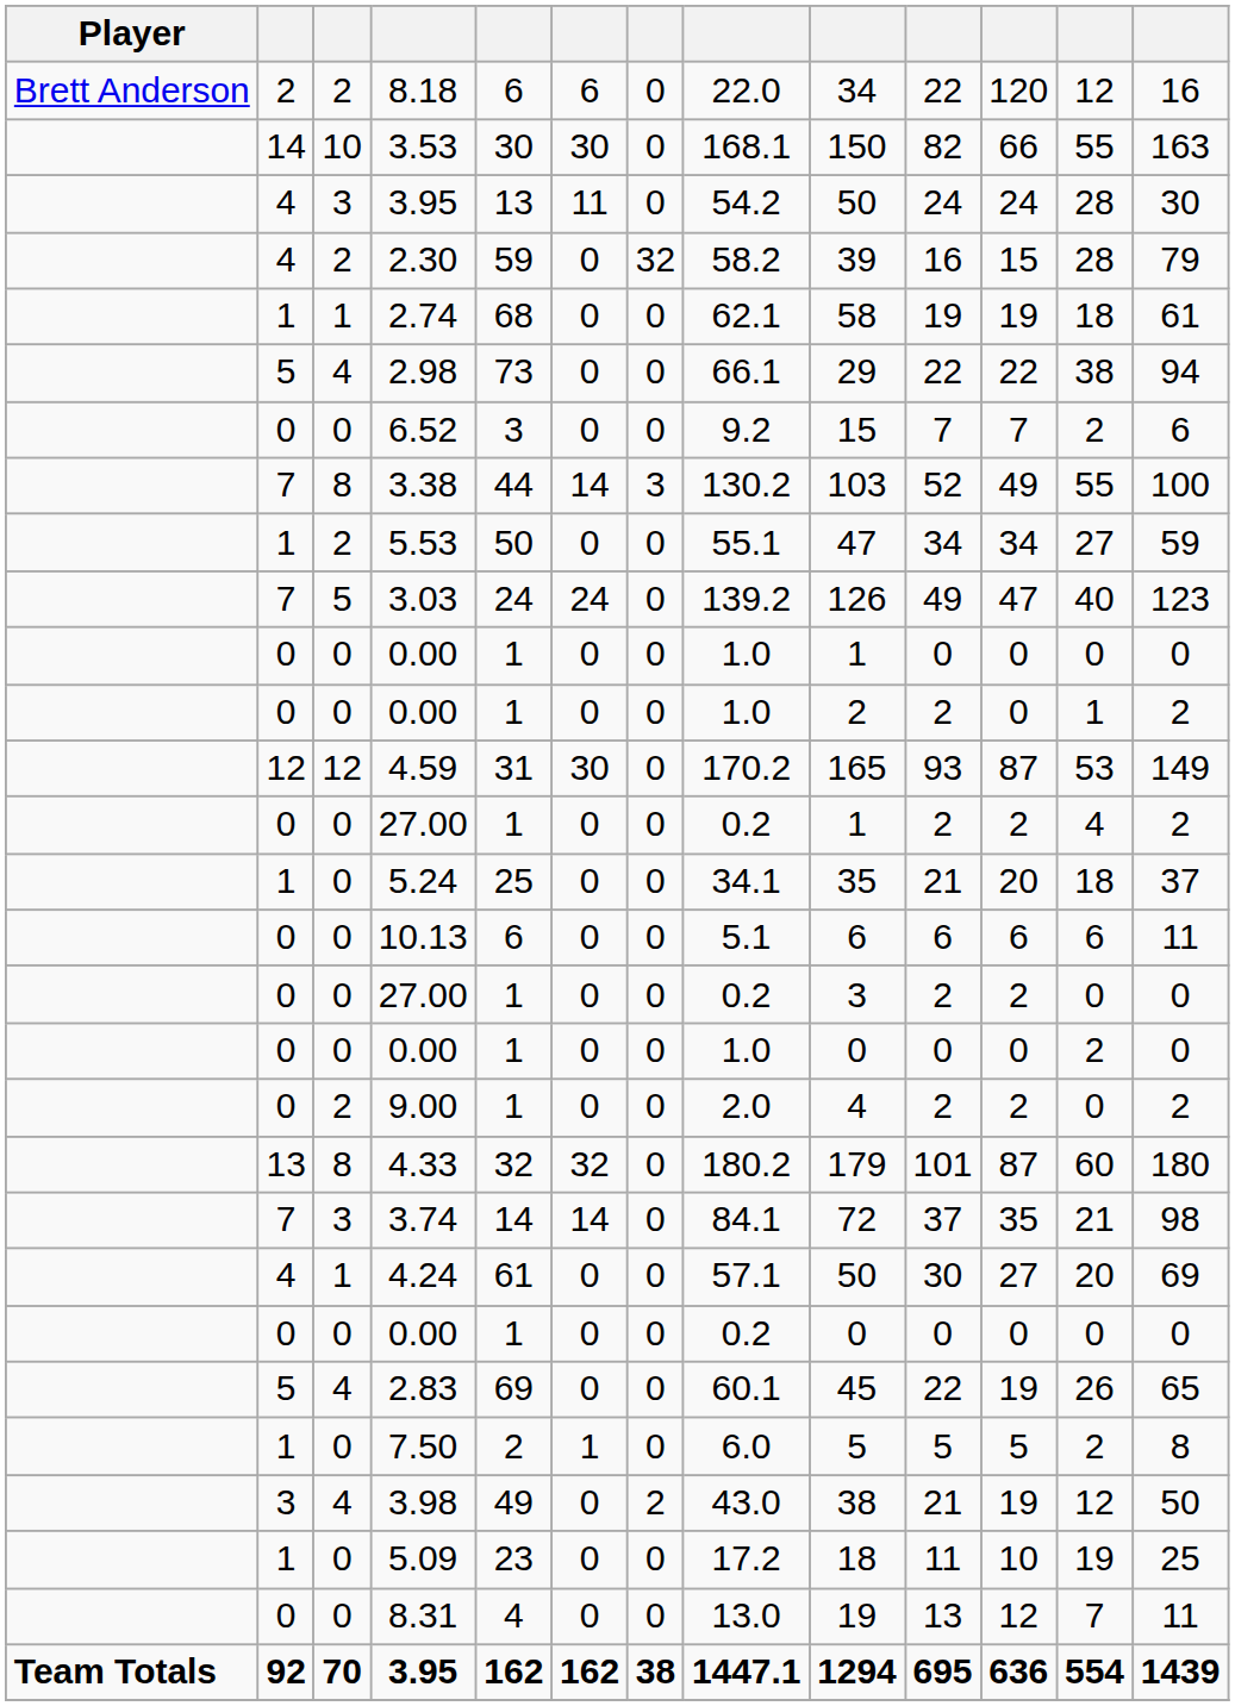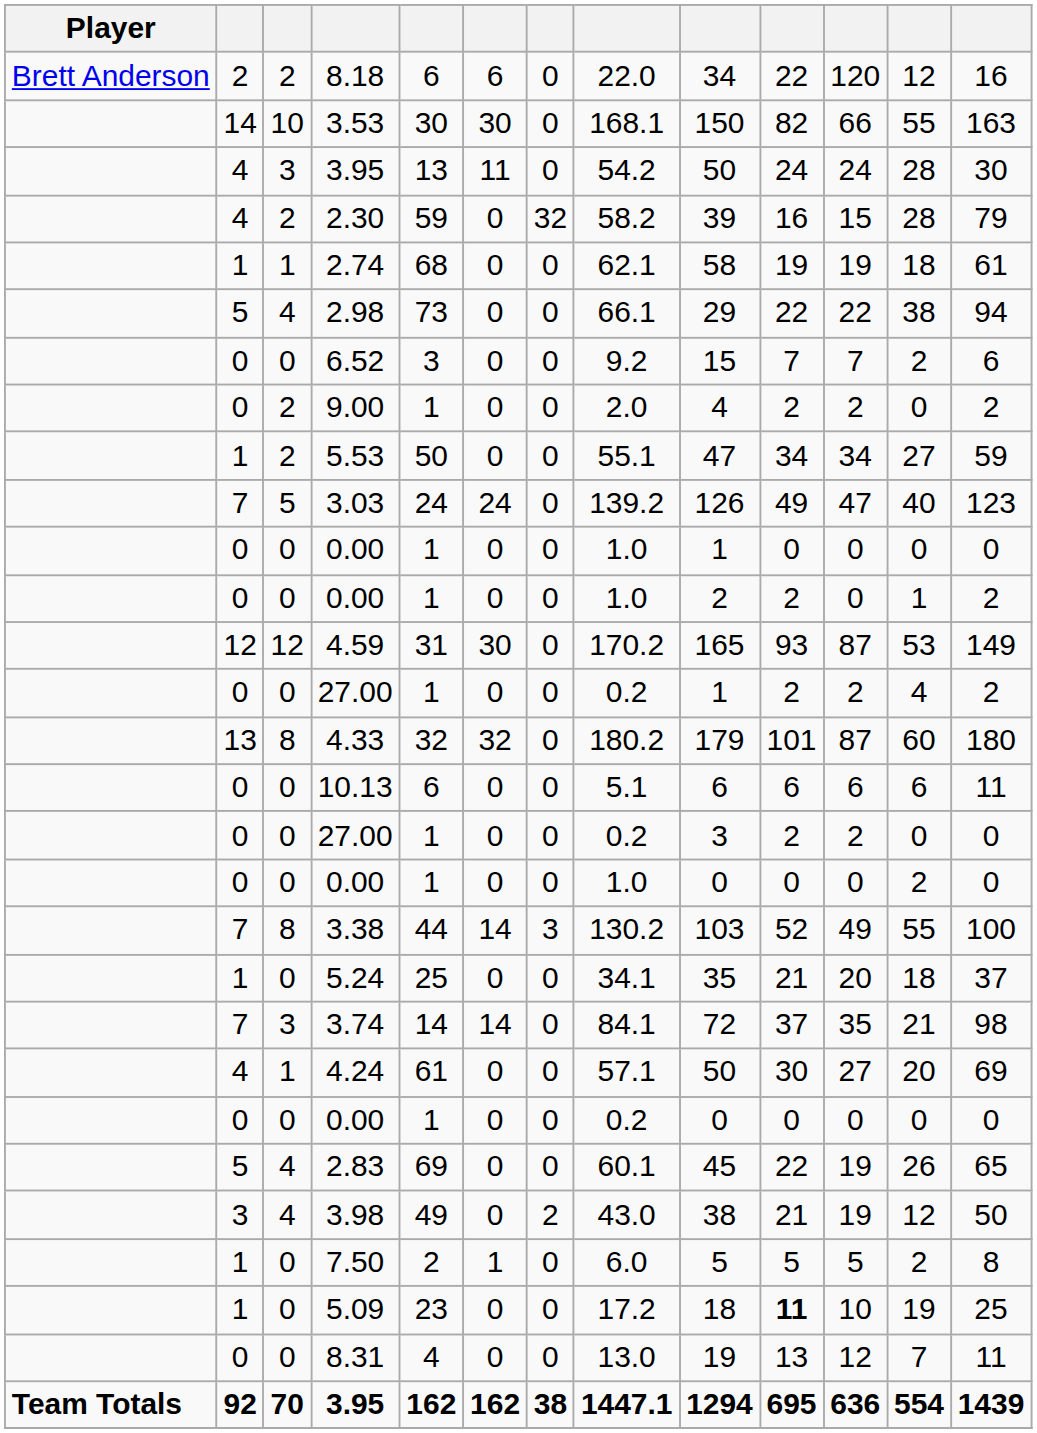 <table class="wikitable sortable" style="text-align:center;">
 <tr>
 <th>Player</th>
 <th></th>
 <th></th>
 <th></th>
 <th></th>
 <th></th>
 <th></th>
 <th></th>
 <th></th>
 <th></th>
 <th></th>
 <th></th>
 <th></th>
 </tr>
 <tr>
 <td align=left><a href='#'>Brett Anderson</a></td>
 <td>2</td>
 <td>2</td>
 <td>8.18</td>
 <td>6</td>
 <td>6</td>
 <td>0</td>
 <td>22.0</td>
 <td>34</td>
 <td>22</td>
 <td>120</td>
 <td>12</td>
 <td>16</td>
 </tr>
 <tr>
 <td align=left></td>
 <td>14</td>
 <td>10</td>
 <td>3.53</td>
 <td>30</td>
 <td>30</td>
 <td>0</td>
 <td>168.1</td>
 <td>150</td>
 <td>82</td>
 <td>66</td>
 <td>55</td>
 <td>163</td>
 </tr>
 <tr>
 <td align=left></td>
 <td>4</td>
 <td>3</td>
 <td>3.95</td>
 <td>13</td>
 <td>11</td>
 <td>0</td>
 <td>54.2</td>
 <td>50</td>
 <td>24</td>
 <td>24</td>
 <td>28</td>
 <td>30</td>
 </tr>
 <tr>
 <td align=left></td>
 <td>4</td>
 <td>2</td>
 <td>2.30</td>
 <td>59</td>
 <td>0</td>
 <td>32</td>
 <td>58.2</td>
 <td>39</td>
 <td>16</td>
 <td>15</td>
 <td>28</td>
 <td>79</td>
 </tr>
 <tr>
 <td align=left></td>
 <td>1</td>
 <td>1</td>
 <td>2.74</td>
 <td>68</td>
 <td>0</td>
 <td>0</td>
 <td>62.1</td>
 <td>58</td>
 <td>19</td>
 <td>19</td>
 <td>18</td>
 <td>61</td>
 </tr>
 <tr>
 <td align=left></td>
 <td>5</td>
 <td>4</td>
 <td>2.98</td>
 <td>73</td>
 <td>0</td>
 <td>0</td>
 <td>66.1</td>
 <td>29</td>
 <td>22</td>
 <td>22</td>
 <td>38</td>
 <td>94</td>
 </tr>
 <tr>
 <td align=left></td>
 <td>0</td>
 <td>0</td>
 <td>6.52</td>
 <td>3</td>
 <td>0</td>
 <td>0</td>
 <td>9.2</td>
 <td>15</td>
 <td>7</td>
 <td>7</td>
 <td>2</td>
 <td>6</td>
 </tr>
 <tr>
 <td align=left></td>
-<td>7</td>
-<td>8</td>
-<td>3.38</td>
-<td>44</td>
-<td>14</td>
-<td>3</td>
-<td>130.2</td>
-<td>103</td>
-<td>52</td>
-<td>49</td>
-<td>55</td>
-<td>100</td>
+<td>0</td>
+<td>2</td>
+<td>9.00</td>
+<td>1</td>
+<td>0</td>
+<td>0</td>
+<td>2.0</td>
+<td>4</td>
+<td>2</td>
+<td>2</td>
+<td>0</td>
+<td>2</td>
 </tr>
 <tr>
 <td align=left></td>
 <td>1</td>
 <td>2</td>
 <td>5.53</td>
 <td>50</td>
 <td>0</td>
 <td>0</td>
 <td>55.1</td>
 <td>47</td>
 <td>34</td>
 <td>34</td>
 <td>27</td>
 <td>59</td>
 </tr>
 <tr>
 <td align=left></td>
 <td>7</td>
 <td>5</td>
 <td>3.03</td>
 <td>24</td>
 <td>24</td>
 <td>0</td>
 <td>139.2</td>
 <td>126</td>
 <td>49</td>
 <td>47</td>
 <td>40</td>
 <td>123</td>
 </tr>
 <tr>
 <td align=left></td>
 <td>0</td>
 <td>0</td>
 <td>0.00</td>
 <td>1</td>
 <td>0</td>
 <td>0</td>
 <td>1.0</td>
 <td>1</td>
 <td>0</td>
 <td>0</td>
 <td>0</td>
 <td>0</td>
 </tr>
 <tr>
 <td align=left></td>
 <td>0</td>
 <td>0</td>
 <td>0.00</td>
 <td>1</td>
 <td>0</td>
 <td>0</td>
 <td>1.0</td>
 <td>2</td>
 <td>2</td>
 <td>0</td>
 <td>1</td>
 <td>2</td>
 </tr>
 <tr>
 <td align=left></td>
 <td>12</td>
 <td>12</td>
 <td>4.59</td>
 <td>31</td>
 <td>30</td>
 <td>0</td>
 <td>170.2</td>
 <td>165</td>
 <td>93</td>
 <td>87</td>
 <td>53</td>
 <td>149</td>
 </tr>
 <tr>
 <td align=left></td>
 <td>0</td>
 <td>0</td>
 <td>27.00</td>
 <td>1</td>
 <td>0</td>
 <td>0</td>
 <td>0.2</td>
 <td>1</td>
 <td>2</td>
 <td>2</td>
 <td>4</td>
 <td>2</td>
 </tr>
 <tr>
 <td align=left></td>
-<td>1</td>
+<td>13</td>
+<td>8</td>
+<td>4.33</td>
+<td>32</td>
+<td>32</td>
 <td>0</td>
-<td>5.24</td>
-<td>25</td>
-<td>0</td>
-<td>0</td>
-<td>34.1</td>
-<td>35</td>
-<td>21</td>
-<td>20</td>
-<td>18</td>
-<td>37</td>
+<td>180.2</td>
+<td>179</td>
+<td>101</td>
+<td>87</td>
+<td>60</td>
+<td>180</td>
 </tr>
 <tr>
 <td align=left></td>
 <td>0</td>
 <td>0</td>
 <td>10.13</td>
 <td>6</td>
 <td>0</td>
 <td>0</td>
 <td>5.1</td>
 <td>6</td>
 <td>6</td>
 <td>6</td>
 <td>6</td>
 <td>11</td>
 </tr>
 <tr>
 <td align=left></td>
 <td>0</td>
 <td>0</td>
 <td>27.00</td>
 <td>1</td>
 <td>0</td>
 <td>0</td>
 <td>0.2</td>
 <td>3</td>
 <td>2</td>
 <td>2</td>
 <td>0</td>
 <td>0</td>
 </tr>
 <tr>
 <td align=left></td>
 <td>0</td>
 <td>0</td>
 <td>0.00</td>
 <td>1</td>
 <td>0</td>
 <td>0</td>
 <td>1.0</td>
 <td>0</td>
 <td>0</td>
 <td>0</td>
 <td>2</td>
 <td>0</td>
 </tr>
 <tr>
 <td align=left></td>
-<td>0</td>
-<td>2</td>
-<td>9.00</td>
-<td>1</td>
-<td>0</td>
-<td>0</td>
-<td>2.0</td>
-<td>4</td>
-<td>2</td>
-<td>2</td>
-<td>0</td>
-<td>2</td>
+<td>7</td>
+<td>8</td>
+<td>3.38</td>
+<td>44</td>
+<td>14</td>
+<td>3</td>
+<td>130.2</td>
+<td>103</td>
+<td>52</td>
+<td>49</td>
+<td>55</td>
+<td>100</td>
 </tr>
 <tr>
 <td align=left></td>
-<td>13</td>
-<td>8</td>
-<td>4.33</td>
-<td>32</td>
-<td>32</td>
+<td>1</td>
 <td>0</td>
-<td>180.2</td>
-<td>179</td>
-<td>101</td>
-<td>87</td>
-<td>60</td>
-<td>180</td>
+<td>5.24</td>
+<td>25</td>
+<td>0</td>
+<td>0</td>
+<td>34.1</td>
+<td>35</td>
+<td>21</td>
+<td>20</td>
+<td>18</td>
+<td>37</td>
 </tr>
 <tr>
 <td align=left></td>
 <td>7</td>
 <td>3</td>
 <td>3.74</td>
 <td>14</td>
 <td>14</td>
 <td>0</td>
 <td>84.1</td>
 <td>72</td>
 <td>37</td>
 <td>35</td>
 <td>21</td>
 <td>98</td>
 </tr>
 <tr>
 <td align=left></td>
 <td>4</td>
 <td>1</td>
 <td>4.24</td>
 <td>61</td>
 <td>0</td>
 <td>0</td>
 <td>57.1</td>
 <td>50</td>
 <td>30</td>
 <td>27</td>
 <td>20</td>
 <td>69</td>
 </tr>
 <tr>
 <td align=left></td>
 <td>0</td>
 <td>0</td>
 <td>0.00</td>
 <td>1</td>
 <td>0</td>
 <td>0</td>
 <td>0.2</td>
 <td>0</td>
 <td>0</td>
 <td>0</td>
 <td>0</td>
 <td>0</td>
 </tr>
 <tr>
 <td align=left></td>
 <td>5</td>
 <td>4</td>
 <td>2.83</td>
 <td>69</td>
 <td>0</td>
 <td>0</td>
 <td>60.1</td>
 <td>45</td>
 <td>22</td>
 <td>19</td>
 <td>26</td>
 <td>65</td>
 </tr>
 <tr>
 <td align=left></td>
-<td>1</td>
-<td>0</td>
-<td>7.50</td>
-<td>2</td>
-<td>1</td>
-<td>0</td>
-<td>6.0</td>
-<td>5</td>
-<td>5</td>
-<td>5</td>
-<td>2</td>
-<td>8</td>
-</tr>
-<tr>
-<td align=left></td>
 <td>3</td>
 <td>4</td>
 <td>3.98</td>
 <td>49</td>
 <td>0</td>
 <td>2</td>
 <td>43.0</td>
 <td>38</td>
 <td>21</td>
 <td>19</td>
 <td>12</td>
 <td>50</td>
 </tr>
 <tr>
 <td align=left></td>
 <td>1</td>
 <td>0</td>
+<td>7.50</td>
+<td>2</td>
+<td>1</td>
+<td>0</td>
+<td>6.0</td>
+<td>5</td>
+<td>5</td>
+<td>5</td>
+<td>2</td>
+<td>8</td>
+</tr>
+<tr>
+<td align=left></td>
+<td>1</td>
+<td>0</td>
 <td>5.09</td>
 <td>23</td>
 <td>0</td>
 <td>0</td>
 <td>17.2</td>
 <td>18</td>
-<td>11</td>
+<td><strong>11</strong></td>
 <td>10</td>
 <td>19</td>
 <td>25</td>
 </tr>
 <tr>
 <td align=left></td>
 <td>0</td>
 <td>0</td>
 <td>8.31</td>
 <td>4</td>
 <td>0</td>
 <td>0</td>
 <td>13.0</td>
 <td>19</td>
 <td>13</td>
 <td>12</td>
 <td>7</td>
 <td>11</td>
 </tr>
 <tr>
 <td align=left><strong>Team Totals</strong></td>
 <td><strong>92</strong></td>
 <td><strong>70</strong></td>
 <td><strong>3.95</strong></td>
 <td><strong>162</strong></td>
 <td><strong>162</strong></td>
 <td><strong>38</strong></td>
 <td><strong>1447.1</strong></td>
 <td><strong>1294</strong></td>
 <td><strong>695</strong></td>
 <td><strong>636</strong></td>
 <td><strong>554</strong></td>
 <td><strong>1439</strong></td>
 </tr>
 <tr class=="sortbottom">
 </tr>
 </table>
